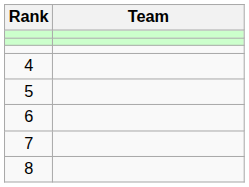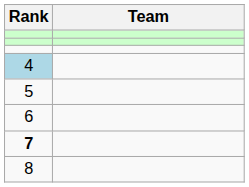 <table class="wikitable" style="text-align: center;">
 <tr>
 <th width=40>Rank</th>
 <th width=180>Team</th>
 </tr>
 <tr bgcolor=#ccffcc align=center>
 <td></td>
 <td style="text-align:left;"></td>
 </tr>
 <tr bgcolor=#ccffcc align=center>
 <td></td>
 <td style="text-align:left;"></td>
 </tr>
 <tr align=center>
 <td></td>
 <td style="text-align:left;"></td>
 </tr>
 <tr align=center>
-<td>4</td>
+<td style="background: lightblue;">4</td>
 <td style="text-align:left;"></td>
 </tr>
 <tr align=center>
 <td>5</td>
 <td style="text-align:left;"></td>
 </tr>
 <tr align=center>
 <td>6</td>
 <td style="text-align:left;"></td>
 </tr>
 <tr align=center>
-<td>7</td>
+<td><strong>7</strong></td>
 <td style="text-align:left;"></td>
 </tr>
 <tr align=center>
 <td>8</td>
 <td style="text-align:left;"></td>
 </tr>
 </table>
